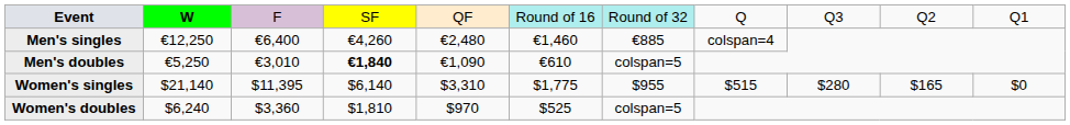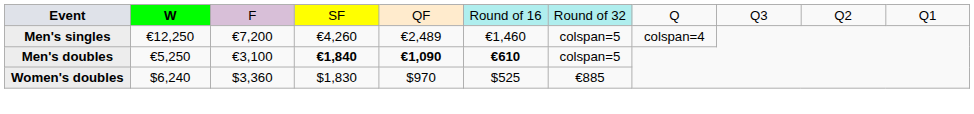 <table class=wikitable style=font-size:90%;text-align:center>
 <tr>
 <td width=130 bgcolor=dfe2e9><strong>Event</strong></td>
 <td width=80 bgcolor=lime><strong>W</strong></td>
 <td width=85 bgcolor=thistle>F</td>
 <td width=85 bgcolor=ffff00>SF</td>
 <td width=85 bgcolor=ffebcd>QF</td>
 <td width=85 bgcolor=afeeee>Round of 16</td>
 <td width=85 bgcolor=afeeee>Round of 32</td>
 <td width=85>Q</td>
 <td width=85>Q3</td>
 <td width=85>Q2</td>
 <td width=85>Q1</td>
 </tr>
 <tr>
 <th style=background:#ededed>Men's singles</th>
 <td>€12,250</td>
-<td>€6,400</td>
+<td>€7,200</td>
 <td>€4,260</td>
-<td>€2,480</td>
+<td>€2,489</td>
 <td>€1,460</td>
-<td>€885</td>
+<td>colspan=5 </td>
 <td>colspan=4 </td>
 </tr>
 <tr>
 <th style=background:#ededed>Men's doubles</th>
 <td>€5,250</td>
-<td>€3,010</td>
+<td>€3,100</td>
 <td><strong>€1,840</strong></td>
-<td>€1,090</td>
-<td>€610</td>
+<td><strong>€1,090</strong></td>
+<td><strong>€610</strong></td>
 <td>colspan=5 </td>
-</tr>
-<tr>
-<th style=background:#ededed>Women's singles</th>
-<td>$21,140</td>
-<td>$11,395</td>
-<td>$6,140</td>
-<td>$3,310</td>
-<td>$1,775</td>
-<td>$955</td>
-<td>$515</td>
-<td>$280</td>
-<td>$165</td>
-<td>$0</td>
 </tr>
 <tr>
 <th style=background:#ededed>Women's doubles</th>
 <td>$6,240</td>
 <td>$3,360</td>
-<td>$1,810</td>
+<td>$1,830</td>
 <td>$970</td>
 <td>$525</td>
-<td>colspan=5 </td>
+<td>€885</td>
 </tr>
 </table>
